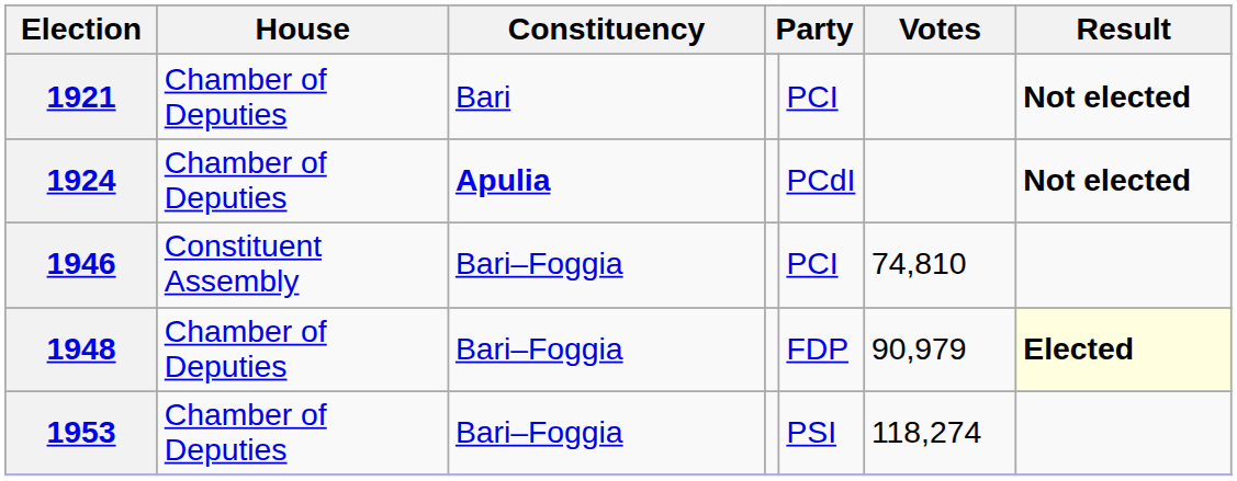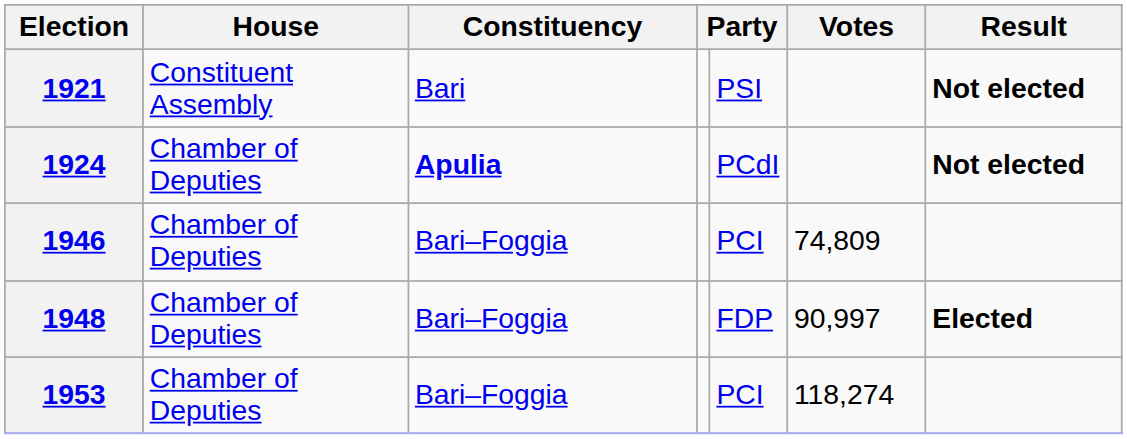 <table class=wikitable style="width:50%; border:1px #AAAAFF solid">
 <tr>
 <th width=12%>Election</th>
 <th width=23%>House</th>
 <th width=25%>Constituency</th>
 <th width=5% colspan="2">Party</th>
 <th width=12%>Votes</th>
 <th width=17%>Result</th>
 </tr>
 <tr>
 <th><a href='#'>1921</a></th>
-<td><a href='#'>Chamber of Deputies</a></td>
+<td><a href='#'>Constituent Assembly</a></td>
 <td><a href='#'>Bari</a></td>
 <td></td>
-<td><a href='#'>PCI</a></td>
+<td><a href='#'>PSI</a></td>
 <td></td>
 <td> <strong>Not elected</strong></td>
 </tr>
 <tr>
 <th><a href='#'>1924</a></th>
 <td><a href='#'>Chamber of Deputies</a></td>
 <td><strong><a href='#'>Apulia</a></strong></td>
 <td></td>
 <td><a href='#'>PCdI</a></td>
 <td></td>
 <td> <strong>Not elected</strong></td>
 </tr>
 <tr>
 <th><a href='#'>1946</a></th>
-<td><a href='#'>Constituent Assembly</a></td>
+<td><a href='#'>Chamber of Deputies</a></td>
 <td><a href='#'>Bari–Foggia</a></td>
 <td></td>
 <td><a href='#'>PCI</a></td>
-<td>74,810</td>
+<td>74,809</td>
 <td></td>
 </tr>
 <tr>
 <th><a href='#'>1948</a></th>
 <td><a href='#'>Chamber of Deputies</a></td>
 <td><a href='#'>Bari–Foggia</a></td>
 <td></td>
 <td><a href='#'>FDP</a></td>
-<td>90,979</td>
-<td style="background: lightyellow;"> <strong>Elected</strong></td>
+<td>90,997</td>
+<td> <strong>Elected</strong></td>
 </tr>
 <tr>
 <th><a href='#'>1953</a></th>
 <td><a href='#'>Chamber of Deputies</a></td>
 <td><a href='#'>Bari–Foggia</a></td>
 <td></td>
-<td><a href='#'>PSI</a></td>
+<td><a href='#'>PCI</a></td>
 <td>118,274</td>
 <td></td>
 </tr>
 <tr>
 </tr>
 </table>
